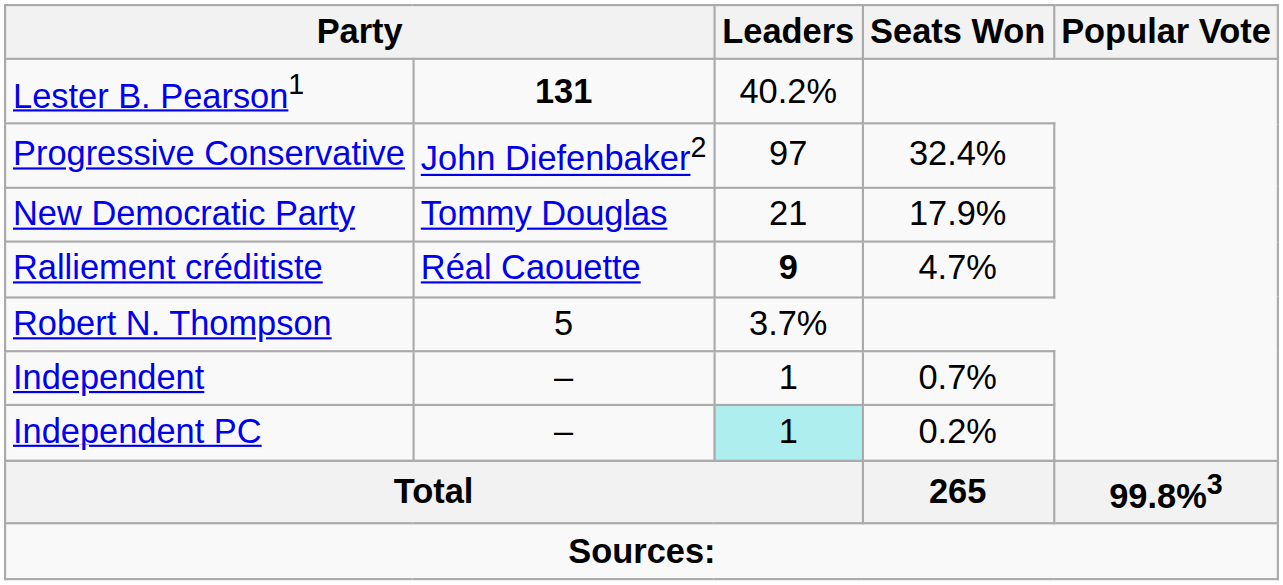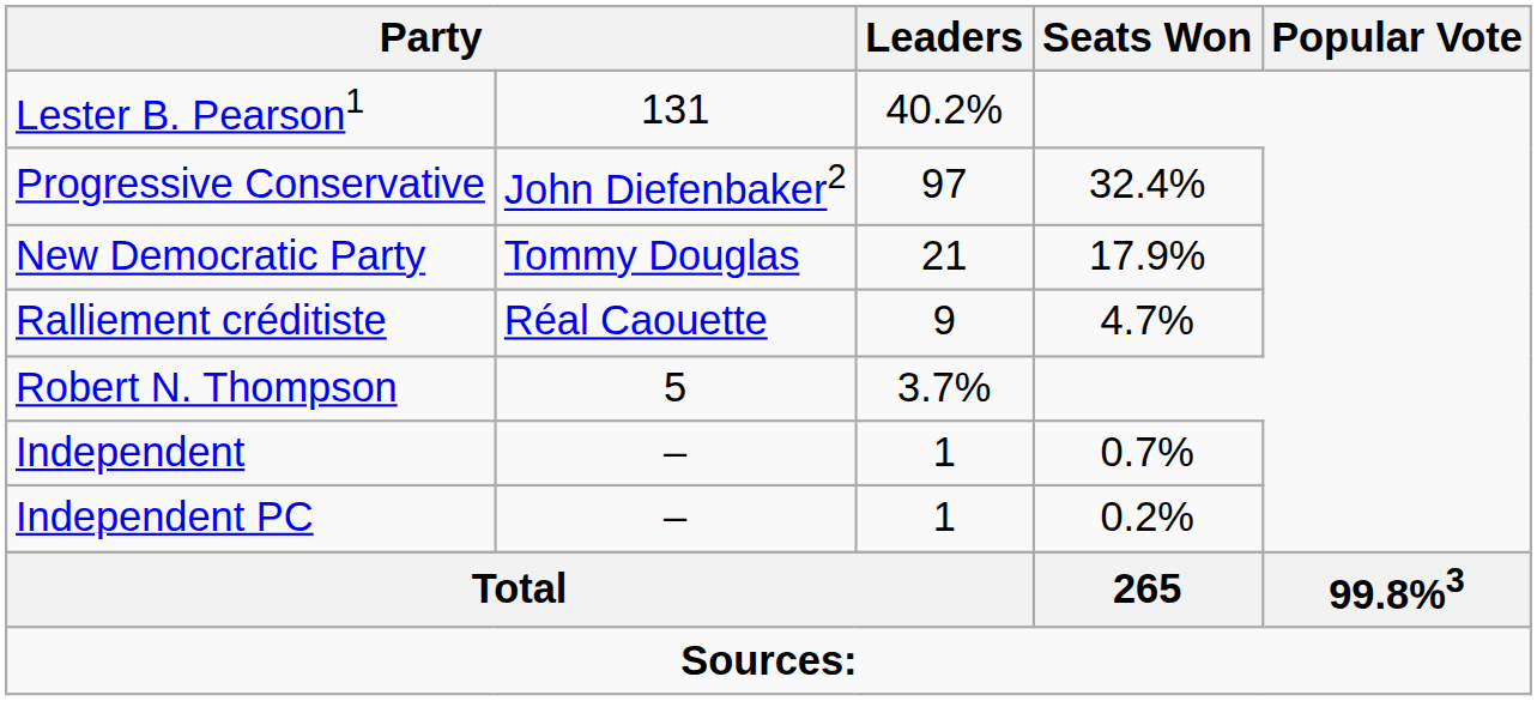 <table class="wikitable">
 <tr>
 <th colspan="2">Party</th>
 <th>Leaders</th>
 <th>Seats Won</th>
 <th>Popular Vote</th>
 </tr>
 <tr>
 <td><a href='#'>Lester B. Pearson</a><sup>1</sup></td>
-<td align=center><strong>131</strong></td>
+<td align=center>131</td>
 <td align=center>40.2%</td>
 </tr>
 <tr>
 <td><a href='#'>Progressive Conservative</a></td>
 <td><a href='#'>John Diefenbaker</a><sup>2</sup></td>
 <td align=center>97</td>
 <td align=center>32.4%</td>
 </tr>
 <tr>
 <td><a href='#'>New Democratic Party</a></td>
 <td><a href='#'>Tommy Douglas</a></td>
 <td align=center>21</td>
 <td align=center>17.9%</td>
 </tr>
 <tr>
 <td><a href='#'>Ralliement créditiste</a></td>
 <td><a href='#'>Réal Caouette</a></td>
-<td align=center><strong>9</strong></td>
+<td align=center>9</td>
 <td align=center>4.7%</td>
 </tr>
 <tr>
 <td><a href='#'>Robert N. Thompson</a></td>
 <td align=center>5</td>
 <td align=center>3.7%</td>
 </tr>
 <tr>
 <td><a href='#'>Independent</a></td>
 <td align=center>–</td>
 <td align=center>1</td>
 <td align=center>0.7%</td>
 </tr>
 <tr>
 <td><a href='#'>Independent PC</a></td>
 <td align=center>–</td>
-<td align=center style="background: paleturquoise;">1</td>
+<td align=center>1</td>
 <td align=center>0.2%</td>
 </tr>
 <tr align=center|>
 </tr>
 <tr>
 <th colspan=3 align=left>Total</th>
 <th align=center>265</th>
 <th align=center>99.8%<sup>3</sup></th>
 </tr>
 <tr>
 <td align="center" colspan=5><strong>Sources:</strong> </td>
 </tr>
 </table>
